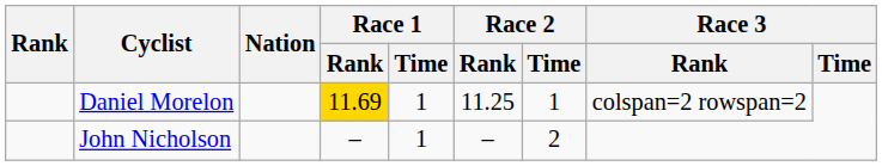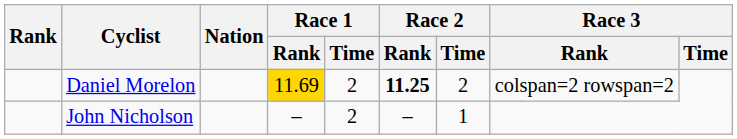 <table class="wikitable sortable" style="text-align:center">
 <tr>
 <th rowspan=2>Rank</th>
 <th rowspan=2>Cyclist</th>
 <th rowspan=2>Nation</th>
 <th colspan=2>Race 1</th>
 <th colspan=2>Race 2</th>
 <th colspan=2>Race 3</th>
 </tr>
 <tr>
 <th>Rank</th>
 <th>Time</th>
 <th>Rank</th>
 <th>Time</th>
 <th>Rank</th>
 <th>Time</th>
 </tr>
 <tr>
 <td></td>
 <td align=left data-sort-value="Morelon, Daniel"><a href='#'>Daniel Morelon</a></td>
 <td align=left></td>
 <td style="background: gold;">11.69</td>
-<td>1</td>
-<td>11.25</td>
-<td>1</td>
+<td>2</td>
+<td><strong>11.25</strong></td>
+<td>2</td>
 <td>colspan=2 rowspan=2 </td>
 </tr>
 <tr>
 <td></td>
 <td align=left data-sort-value="Nicholson, John"><a href='#'>John Nicholson</a></td>
 <td align=left></td>
 <td>–</td>
+<td>2</td>
+<td>–</td>
 <td>1</td>
-<td>–</td>
-<td>2</td>
 </tr>
 </table>
